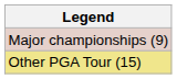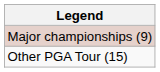 <table class="wikitable" style="font-size:95%;">
 <tr>
 <th>Legend</th>
 </tr>
 <tr style="background:#e5d1cb;">
 <td>Major championships (9)</td>
 </tr>
 <tr>
-<td style="background: khaki;">Other PGA Tour (15)</td>
+<td>Other PGA Tour (15)</td>
 </tr>
 </table>
